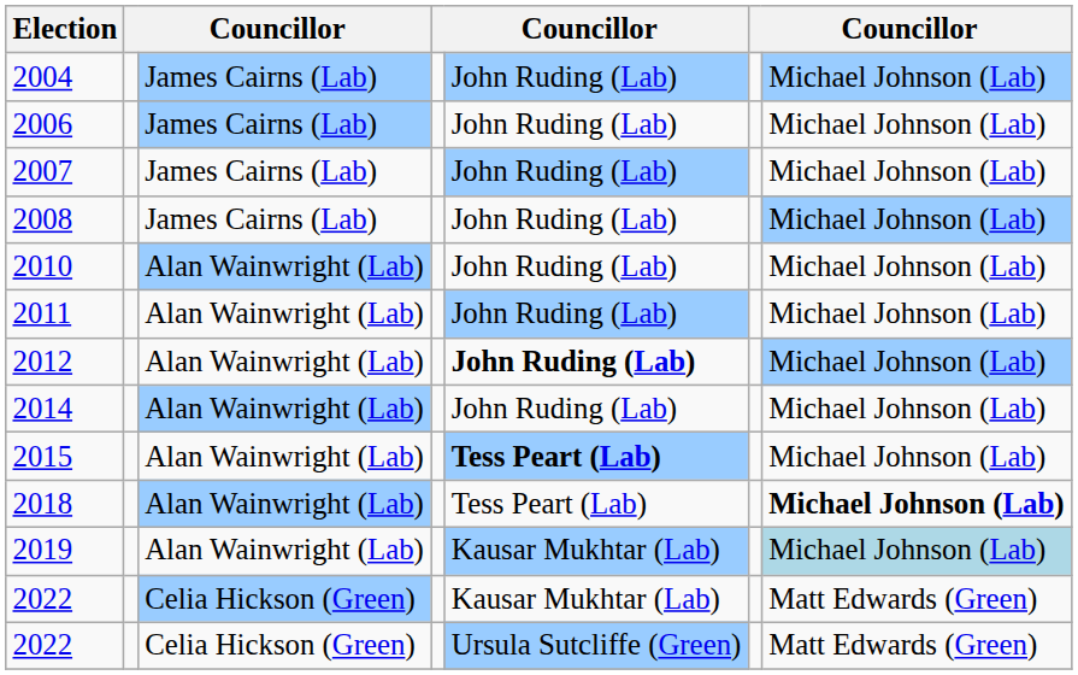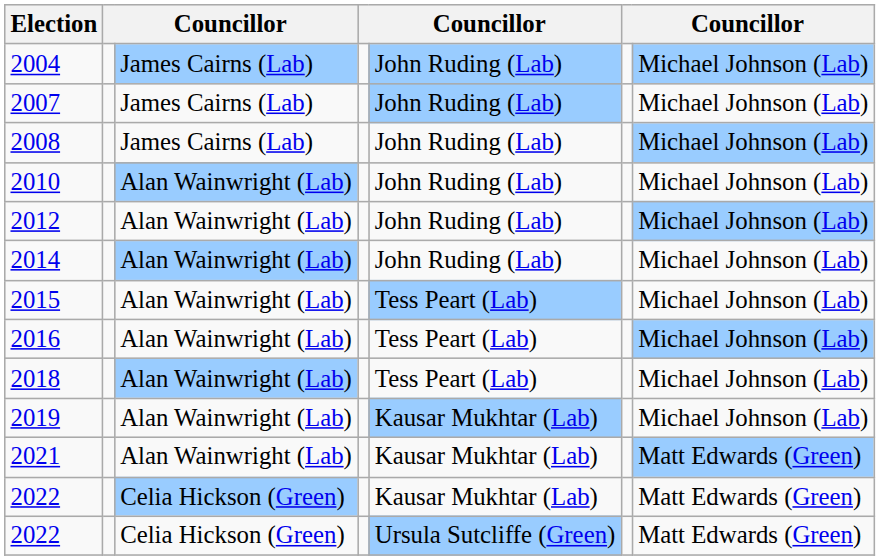 <table class="wikitable">
 <tr>
 <th>Election</th>
 <th colspan="2">Councillor</th>
 <th colspan="2">Councillor</th>
 <th colspan="2">Councillor</th>
 </tr>
 <tr>
 <td><a href='#'>2004</a></td>
 <td style="background-color: "></td>
 <td bgcolor="#99CCFF">James Cairns (<a href='#'>Lab</a>)</td>
 <td style="background-color: "></td>
 <td bgcolor="#99CCFF">John Ruding (<a href='#'>Lab</a>)</td>
 <td style="background-color: "></td>
 <td bgcolor="#99CCFF">Michael Johnson (<a href='#'>Lab</a>)</td>
-</tr>
-<tr>
-<td><a href='#'>2006</a></td>
-<td style="background-color: "></td>
-<td bgcolor="#99CCFF">James Cairns (<a href='#'>Lab</a>)</td>
-<td style="background-color: "></td>
-<td>John Ruding (<a href='#'>Lab</a>)</td>
-<td style="background-color: "></td>
-<td>Michael Johnson (<a href='#'>Lab</a>)</td>
 </tr>
 <tr>
 <td><a href='#'>2007</a></td>
 <td style="background-color: "></td>
 <td>James Cairns (<a href='#'>Lab</a>)</td>
 <td style="background-color: "></td>
 <td bgcolor="#99CCFF">John Ruding (<a href='#'>Lab</a>)</td>
 <td style="background-color: "></td>
 <td>Michael Johnson (<a href='#'>Lab</a>)</td>
 </tr>
 <tr>
 <td><a href='#'>2008</a></td>
 <td style="background-color: "></td>
 <td>James Cairns (<a href='#'>Lab</a>)</td>
 <td style="background-color: "></td>
 <td>John Ruding (<a href='#'>Lab</a>)</td>
 <td style="background-color: "></td>
 <td bgcolor="#99CCFF">Michael Johnson (<a href='#'>Lab</a>)</td>
 </tr>
 <tr>
 <td><a href='#'>2010</a></td>
 <td style="background-color: "></td>
 <td bgcolor="#99CCFF">Alan Wainwright (<a href='#'>Lab</a>)</td>
 <td style="background-color: "></td>
 <td>John Ruding (<a href='#'>Lab</a>)</td>
 <td style="background-color: "></td>
 <td>Michael Johnson (<a href='#'>Lab</a>)</td>
 </tr>
 <tr>
-<td><a href='#'>2011</a></td>
-<td style="background-color: "></td>
-<td>Alan Wainwright (<a href='#'>Lab</a>)</td>
-<td style="background-color: "></td>
-<td bgcolor="#99CCFF">John Ruding (<a href='#'>Lab</a>)</td>
-<td style="background-color: "></td>
-<td>Michael Johnson (<a href='#'>Lab</a>)</td>
-</tr>
-<tr>
 <td><a href='#'>2012</a></td>
 <td style="background-color: "></td>
 <td>Alan Wainwright (<a href='#'>Lab</a>)</td>
 <td style="background-color: "></td>
-<td><strong>John Ruding (<a href='#'>Lab</a>)</strong></td>
+<td>John Ruding (<a href='#'>Lab</a>)</td>
 <td style="background-color: "></td>
 <td bgcolor="#99CCFF">Michael Johnson (<a href='#'>Lab</a>)</td>
 </tr>
 <tr>
 <td><a href='#'>2014</a></td>
 <td style="background-color: "></td>
 <td bgcolor="#99CCFF">Alan Wainwright (<a href='#'>Lab</a>)</td>
 <td style="background-color: "></td>
 <td>John Ruding (<a href='#'>Lab</a>)</td>
 <td style="background-color: "></td>
 <td>Michael Johnson (<a href='#'>Lab</a>)</td>
 </tr>
 <tr>
 <td><a href='#'>2015</a></td>
 <td style="background-color: "></td>
 <td>Alan Wainwright (<a href='#'>Lab</a>)</td>
 <td style="background-color: "></td>
-<td bgcolor="#99CCFF"><strong>Tess Peart (<a href='#'>Lab</a>)</strong></td>
+<td bgcolor="#99CCFF">Tess Peart (<a href='#'>Lab</a>)</td>
 <td style="background-color: "></td>
 <td>Michael Johnson (<a href='#'>Lab</a>)</td>
+</tr>
+<tr>
+<td><a href='#'>2016</a></td>
+<td style="background-color: "></td>
+<td>Alan Wainwright (<a href='#'>Lab</a>)</td>
+<td style="background-color: "></td>
+<td>Tess Peart (<a href='#'>Lab</a>)</td>
+<td style="background-color: "></td>
+<td bgcolor="#99CCFF">Michael Johnson (<a href='#'>Lab</a>)</td>
 </tr>
 <tr>
 <td><a href='#'>2018</a></td>
 <td style="background-color: "></td>
 <td bgcolor="#99CCFF">Alan Wainwright (<a href='#'>Lab</a>)</td>
 <td style="background-color: "></td>
 <td>Tess Peart (<a href='#'>Lab</a>)</td>
 <td style="background-color: "></td>
-<td><strong>Michael Johnson (<a href='#'>Lab</a>)</strong></td>
+<td>Michael Johnson (<a href='#'>Lab</a>)</td>
 </tr>
 <tr>
 <td><a href='#'>2019</a></td>
 <td style="background-color: "></td>
 <td>Alan Wainwright (<a href='#'>Lab</a>)</td>
 <td style="background-color: "></td>
 <td bgcolor="#99CCFF">Kausar Mukhtar (<a href='#'>Lab</a>)</td>
 <td style="background-color: "></td>
-<td style="background: lightblue;">Michael Johnson (<a href='#'>Lab</a>)</td>
+<td>Michael Johnson (<a href='#'>Lab</a>)</td>
+</tr>
+<tr>
+<td><a href='#'>2021</a></td>
+<td style="background-color: "></td>
+<td>Alan Wainwright (<a href='#'>Lab</a>)</td>
+<td style="background-color: "></td>
+<td>Kausar Mukhtar (<a href='#'>Lab</a>)</td>
+<td style="background-color: "></td>
+<td bgcolor="#99CCFF">Matt Edwards (<a href='#'>Green</a>)</td>
 </tr>
 <tr>
 <td><a href='#'>2022</a></td>
 <td style="background-color: "></td>
 <td bgcolor="#99CCFF">Celia Hickson (<a href='#'>Green</a>)</td>
 <td style="background-color: "></td>
 <td>Kausar Mukhtar (<a href='#'>Lab</a>)</td>
 <td style="background-color: "></td>
 <td>Matt Edwards (<a href='#'>Green</a>)</td>
 </tr>
 <tr>
 <td><a href='#'>2022</a></td>
 <td style="background-color: "></td>
 <td>Celia Hickson (<a href='#'>Green</a>)</td>
 <td style="background-color: "></td>
 <td bgcolor="#99CCFF">Ursula Sutcliffe (<a href='#'>Green</a>)</td>
 <td style="background-color: "></td>
 <td>Matt Edwards (<a href='#'>Green</a>)</td>
 </tr>
 </table>
